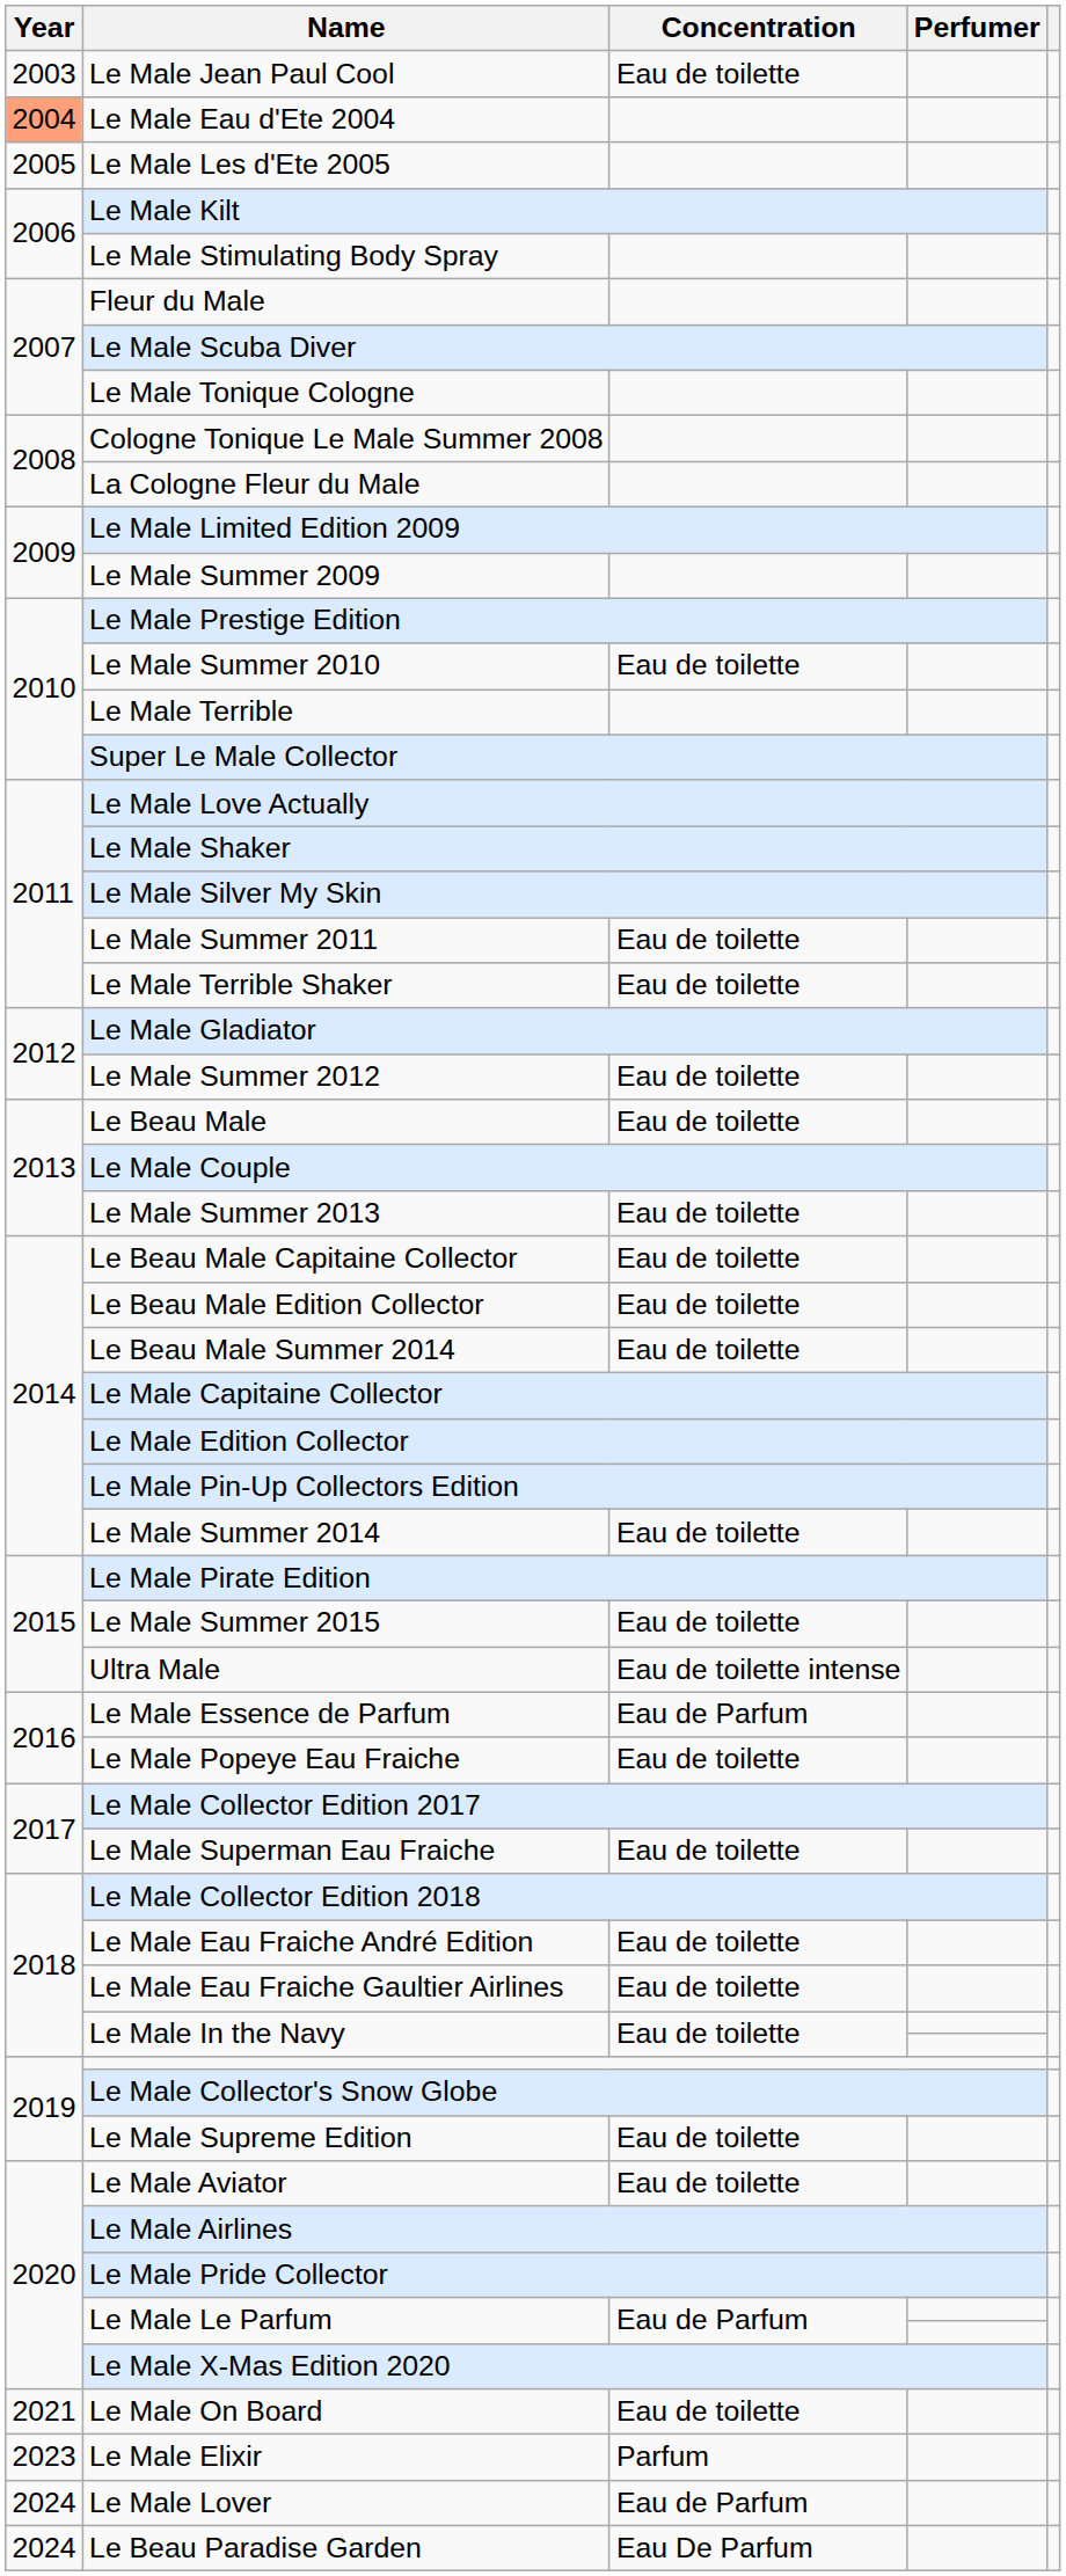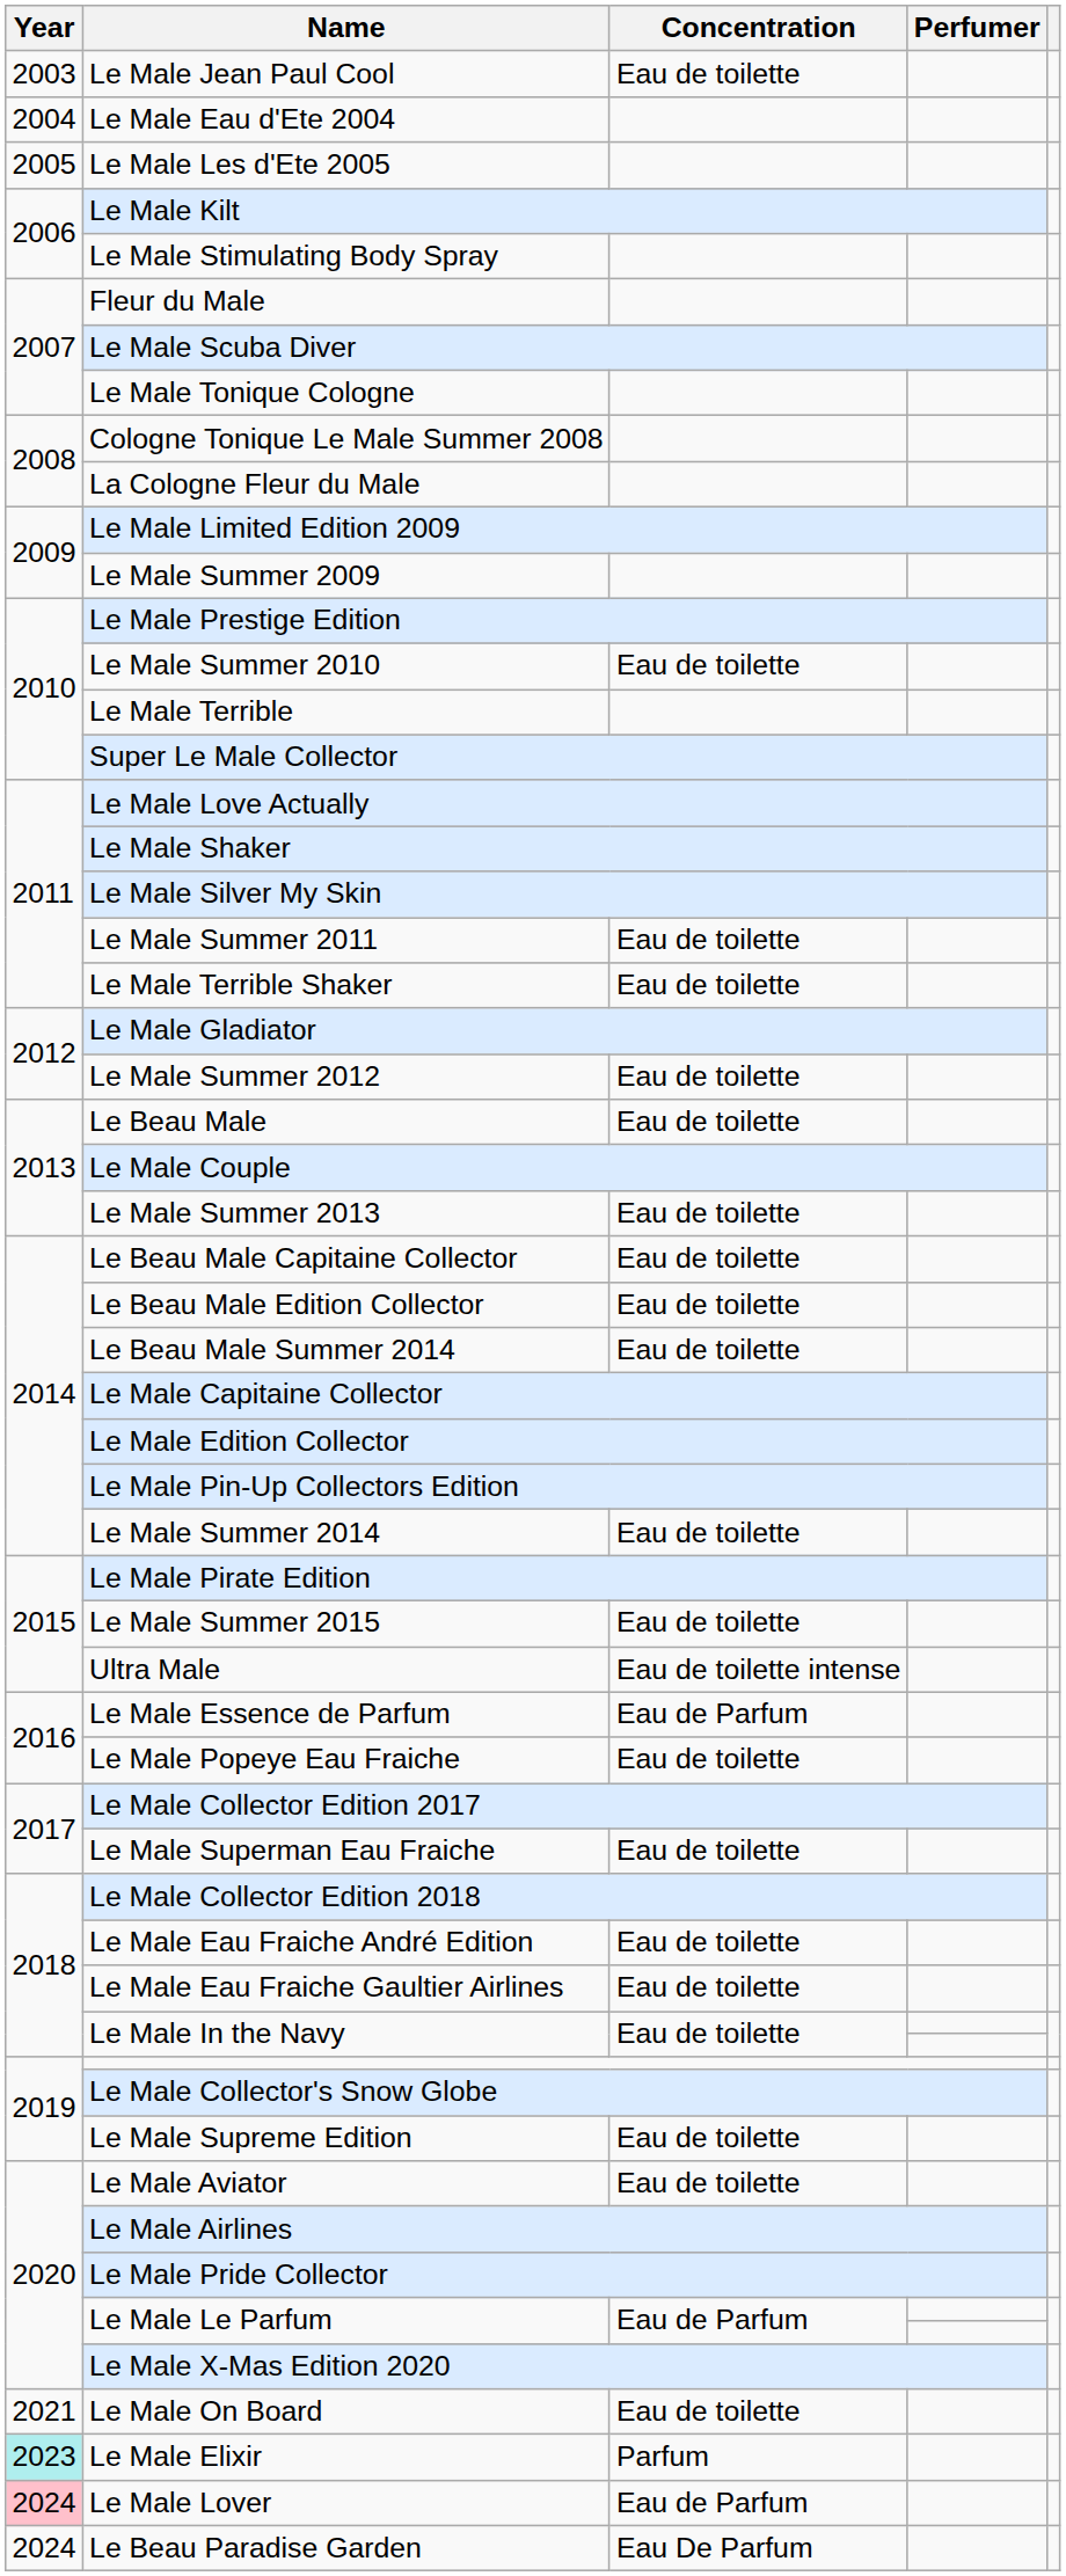 <table class="wikitable sortable">
 <tr>
 <th>Year</th>
 <th>Name</th>
 <th>Concentration</th>
 <th>Perfumer</th>
 <th></th>
 </tr>
 <tr>
 <td>2003</td>
 <td>Le Male Jean Paul Cool</td>
 <td>Eau de toilette</td>
 <td></td>
 <td></td>
 </tr>
 <tr>
-<td style="background: lightsalmon;">2004</td>
+<td>2004</td>
 <td>Le Male Eau d'Ete 2004</td>
 <td></td>
 <td></td>
 <td></td>
 </tr>
 <tr>
 <td>2005</td>
 <td>Le Male Les d'Ete 2005</td>
 <td></td>
 <td></td>
 <td></td>
 </tr>
 <tr>
 <td rowspan="2">2006</td>
 <td colspan="3" style="background:#daebff">Le Male Kilt</td>
 <td></td>
 </tr>
 <tr>
 <td>Le Male Stimulating Body Spray</td>
 <td></td>
 <td></td>
 <td></td>
 </tr>
 <tr>
 <td rowspan="3">2007</td>
 <td>Fleur du Male</td>
 <td></td>
 <td></td>
 <td></td>
 </tr>
 <tr>
 <td colspan="3" style="background:#daebff">Le Male Scuba Diver</td>
 <td></td>
 </tr>
 <tr>
 <td>Le Male Tonique Cologne</td>
 <td></td>
 <td></td>
 <td></td>
 </tr>
 <tr>
 <td rowspan="2">2008</td>
 <td>Cologne Tonique Le Male Summer 2008</td>
 <td></td>
 <td></td>
 <td></td>
 </tr>
 <tr>
 <td>La Cologne Fleur du Male</td>
 <td></td>
 <td></td>
 <td></td>
 </tr>
 <tr>
 <td rowspan="2">2009</td>
 <td colspan="3" style="background:#daebff">Le Male Limited Edition 2009</td>
 <td></td>
 </tr>
 <tr>
 <td>Le Male Summer 2009</td>
 <td></td>
 <td></td>
 <td></td>
 </tr>
 <tr>
 <td rowspan="4">2010</td>
 <td colspan="3" style="background:#daebff">Le Male Prestige Edition</td>
 <td></td>
 </tr>
 <tr>
 <td>Le Male Summer 2010</td>
 <td>Eau de toilette</td>
 <td></td>
 <td></td>
 </tr>
 <tr>
 <td>Le Male Terrible</td>
 <td></td>
 <td></td>
 <td></td>
 </tr>
 <tr>
 <td colspan="3" style="background:#daebff">Super Le Male Collector</td>
 <td></td>
 </tr>
 <tr>
 <td rowspan="5">2011</td>
 <td colspan="3" style="background:#daebff">Le Male Love Actually</td>
 <td></td>
 </tr>
 <tr>
 <td colspan="3" style="background:#daebff">Le Male Shaker</td>
 <td></td>
 </tr>
 <tr>
 <td colspan="3" style="background:#daebff">Le Male Silver My Skin</td>
 <td></td>
 </tr>
 <tr>
 <td>Le Male Summer 2011</td>
 <td>Eau de toilette</td>
 <td></td>
 <td></td>
 </tr>
 <tr>
 <td>Le Male Terrible Shaker</td>
 <td>Eau de toilette</td>
 <td></td>
 <td></td>
 </tr>
 <tr>
 <td rowspan="2">2012</td>
 <td colspan="3" style="background:#daebff">Le Male Gladiator</td>
 <td></td>
 </tr>
 <tr>
 <td>Le Male Summer 2012</td>
 <td>Eau de toilette</td>
 <td></td>
 <td></td>
 </tr>
 <tr>
 <td rowspan="3">2013</td>
 <td>Le Beau Male</td>
 <td>Eau de toilette</td>
 <td></td>
 <td></td>
 </tr>
 <tr>
 <td colspan="3" style="background:#daebff">Le Male Couple</td>
 <td></td>
 </tr>
 <tr>
 <td>Le Male Summer 2013</td>
 <td>Eau de toilette</td>
 <td></td>
 <td></td>
 </tr>
 <tr>
 <td rowspan="7">2014</td>
 <td>Le Beau Male Capitaine Collector</td>
 <td>Eau de toilette</td>
 <td></td>
 <td></td>
 </tr>
 <tr>
 <td>Le Beau Male Edition Collector</td>
 <td>Eau de toilette</td>
 <td></td>
 <td></td>
 </tr>
 <tr>
 <td>Le Beau Male Summer 2014</td>
 <td>Eau de toilette</td>
 <td></td>
 <td></td>
 </tr>
 <tr>
 <td colspan="3" style="background:#daebff">Le Male Capitaine Collector</td>
 <td></td>
 </tr>
 <tr>
 <td colspan="3" style="background:#daebff">Le Male Edition Collector</td>
 <td></td>
 </tr>
 <tr>
 <td colspan="3" style="background:#daebff">Le Male Pin-Up Collectors Edition</td>
 <td></td>
 </tr>
 <tr>
 <td>Le Male Summer 2014</td>
 <td>Eau de toilette</td>
 <td></td>
 <td></td>
 </tr>
 <tr>
 <td rowspan="3">2015</td>
 <td colspan="3" style="background:#daebff">Le Male Pirate Edition</td>
 <td></td>
 </tr>
 <tr>
 <td>Le Male Summer 2015</td>
 <td>Eau de toilette</td>
 <td></td>
 <td></td>
 </tr>
 <tr>
 <td>Ultra Male</td>
 <td>Eau de toilette intense</td>
 <td></td>
 <td></td>
 </tr>
 <tr>
 <td rowspan="2">2016</td>
 <td>Le Male Essence de Parfum</td>
 <td>Eau de Parfum</td>
 <td></td>
 <td></td>
 </tr>
 <tr>
 <td>Le Male Popeye Eau Fraiche</td>
 <td>Eau de toilette</td>
 <td></td>
 <td></td>
 </tr>
 <tr>
 <td rowspan="2">2017</td>
 <td colspan="3" style="background:#daebff">Le Male Collector Edition 2017</td>
 <td></td>
 </tr>
 <tr>
 <td>Le Male Superman Eau Fraiche</td>
 <td>Eau de toilette</td>
 <td></td>
 <td></td>
 </tr>
 <tr>
 <td rowspan="5">2018</td>
 <td colspan="3" style="background:#daebff">Le Male Collector Edition 2018</td>
 <td></td>
 </tr>
 <tr>
 <td>Le Male Eau Fraiche André Edition</td>
 <td>Eau de toilette</td>
 <td></td>
 <td></td>
 </tr>
 <tr>
 <td>Le Male Eau Fraiche Gaultier Airlines</td>
 <td>Eau de toilette</td>
 <td></td>
 <td></td>
 </tr>
 <tr>
 <td rowspan="2">Le Male In the Navy</td>
 <td rowspan="2">Eau de toilette</td>
 <td></td>
 <td rowspan="2"></td>
 </tr>
 <tr>
 <td></td>
 </tr>
 <tr>
 <td rowspan="3">2019</td>
 <td colspan="3"></td>
 <td></td>
 </tr>
 <tr>
 <td colspan="3" style="background:#daebff">Le Male Collector's Snow Globe</td>
 <td></td>
 </tr>
 <tr>
 <td>Le Male Supreme Edition</td>
 <td>Eau de toilette</td>
 <td></td>
 <td></td>
 </tr>
 <tr>
 <td rowspan="6">2020</td>
 <td>Le Male Aviator</td>
 <td>Eau de toilette</td>
 <td></td>
 <td></td>
 </tr>
 <tr>
 <td colspan="3" style="background:#daebff">Le Male Airlines</td>
 <td></td>
 </tr>
 <tr>
 <td colspan="3" style="background:#daebff">Le Male Pride Collector</td>
 <td></td>
 </tr>
 <tr>
 <td rowspan="2">Le Male Le Parfum</td>
 <td rowspan="2">Eau de Parfum</td>
 <td></td>
 <td rowspan="2"></td>
 </tr>
 <tr>
 <td></td>
 </tr>
 <tr>
 <td colspan="3" style="background:#daebff">Le Male X-Mas Edition 2020</td>
 <td></td>
 </tr>
 <tr>
 <td>2021</td>
 <td>Le Male On Board</td>
 <td>Eau de toilette</td>
 <td></td>
 <td></td>
 </tr>
 <tr>
-<td>2023</td>
+<td style="background: paleturquoise;">2023</td>
 <td>Le Male Elixir</td>
 <td>Parfum</td>
 <td></td>
 <td></td>
 </tr>
 <tr>
-<td>2024</td>
+<td style="background: pink;">2024</td>
 <td>Le Male Lover</td>
 <td>Eau de Parfum</td>
 <td></td>
 <td></td>
 </tr>
 <tr>
 <td>2024</td>
 <td>Le Beau Paradise Garden</td>
 <td>Eau De Parfum</td>
 <td></td>
 <td></td>
 </tr>
 </table>
